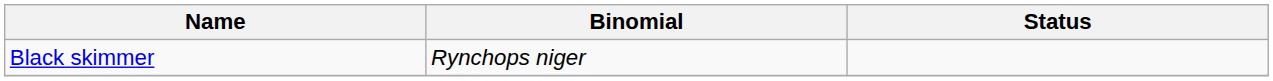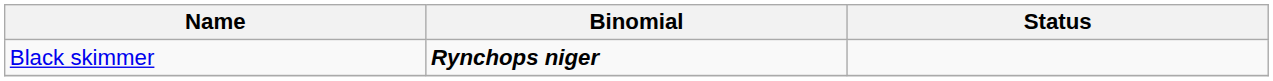 <table width=72% class="wikitable">
 <tr>
 <th width=24%>Name</th>
 <th width=24%>Binomial</th>
 <th width=24%>Status</th>
 </tr>
 <tr>
 <td><a href='#'>Black skimmer</a></td>
-<td><em>Rynchops niger</em></td>
+<td><strong><em>Rynchops niger</em></strong></td>
 <td></td>
 </tr>
 <tr>
 </tr>
 </table>
